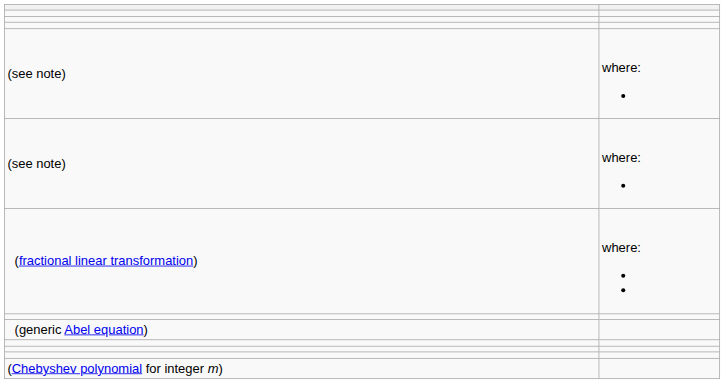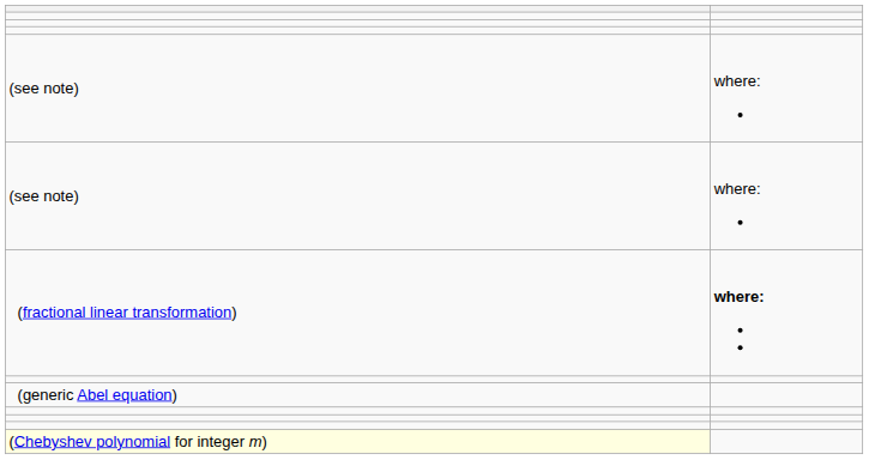 <table class=wikitable width=100%>
 <tr>
 <th></th>
 <th></th>
 </tr>
 <tr>
 <td></td>
 <td></td>
 </tr>
 <tr>
 <td></td>
 <td></td>
 </tr>
 <tr>
 <td></td>
 <td></td>
 </tr>
 <tr>
 <td> (see note)<br></td>
 <td><br><br>where:<ul><li></li></ul></td>
 </tr>
 <tr>
 <td> (see note)<br></td>
 <td><br><br>where:<ul><li></li></ul></td>
 </tr>
 <tr>
 <td>   (<a href='#'>fractional linear transformation</a>)</td>
-<td><br><br>where:<ul><li></li><li></li></ul></td>
+<td><strong><br><br>where:<ul><li></li><li></li></ul></strong></td>
 </tr>
 <tr>
 <td></td>
 <td></td>
 </tr>
 <tr>
 <td>   (generic <a href='#'>Abel equation</a>)</td>
 <td></td>
 </tr>
 <tr>
 <td></td>
 <td></td>
 </tr>
 <tr>
 <td></td>
 <td></td>
 </tr>
 <tr>
 <td></td>
 <td></td>
 </tr>
 <tr>
-<td> (<a href='#'>Chebyshev polynomial</a> for integer <em>m</em>)</td>
+<td style="background: lightyellow;"> (<a href='#'>Chebyshev polynomial</a> for integer <em>m</em>)</td>
 <td></td>
 </tr>
 </table>
